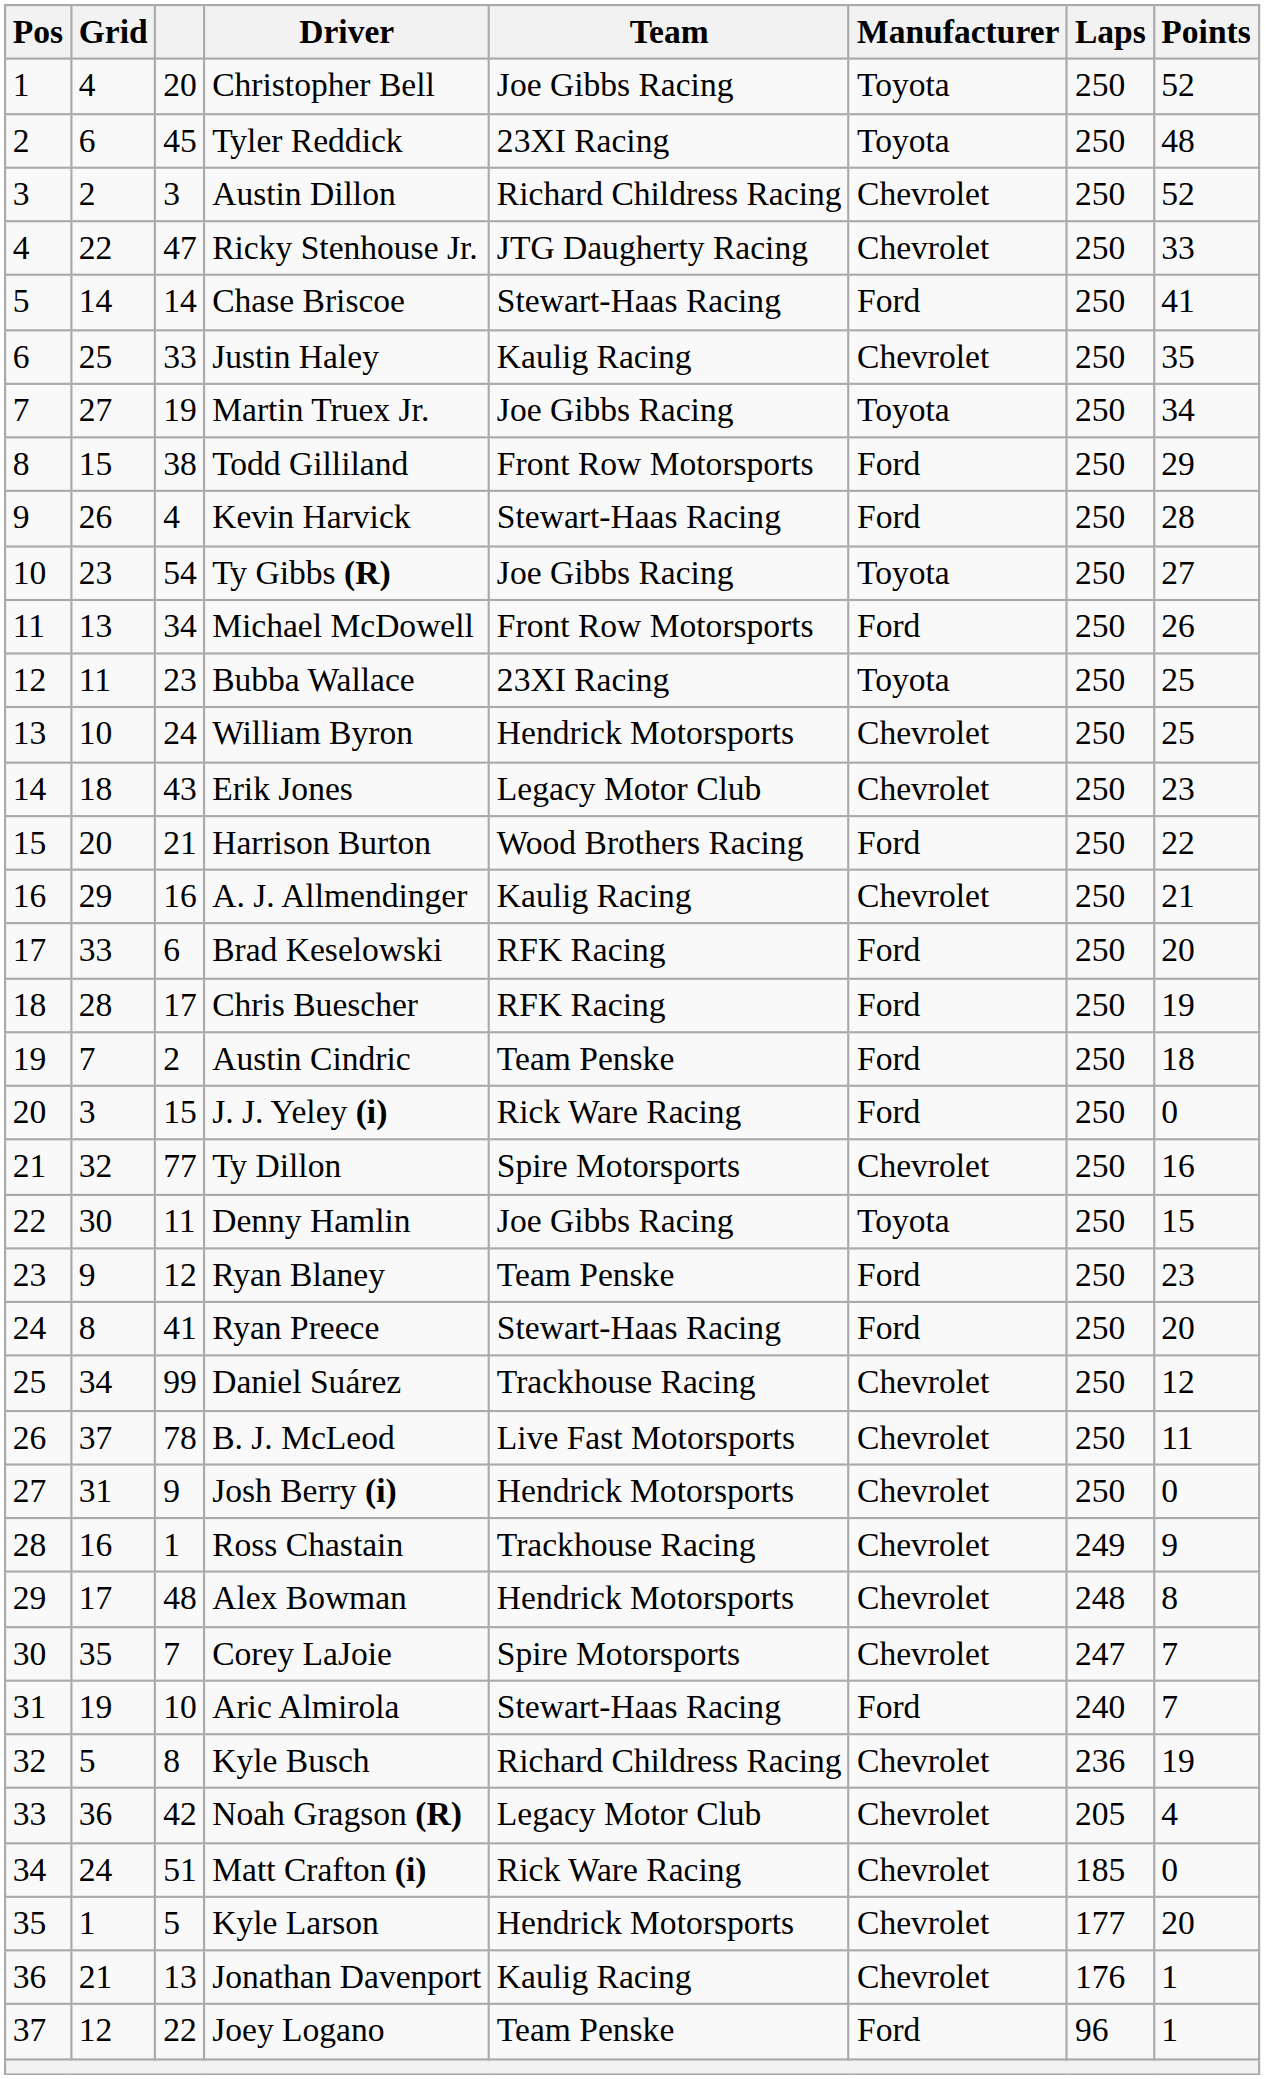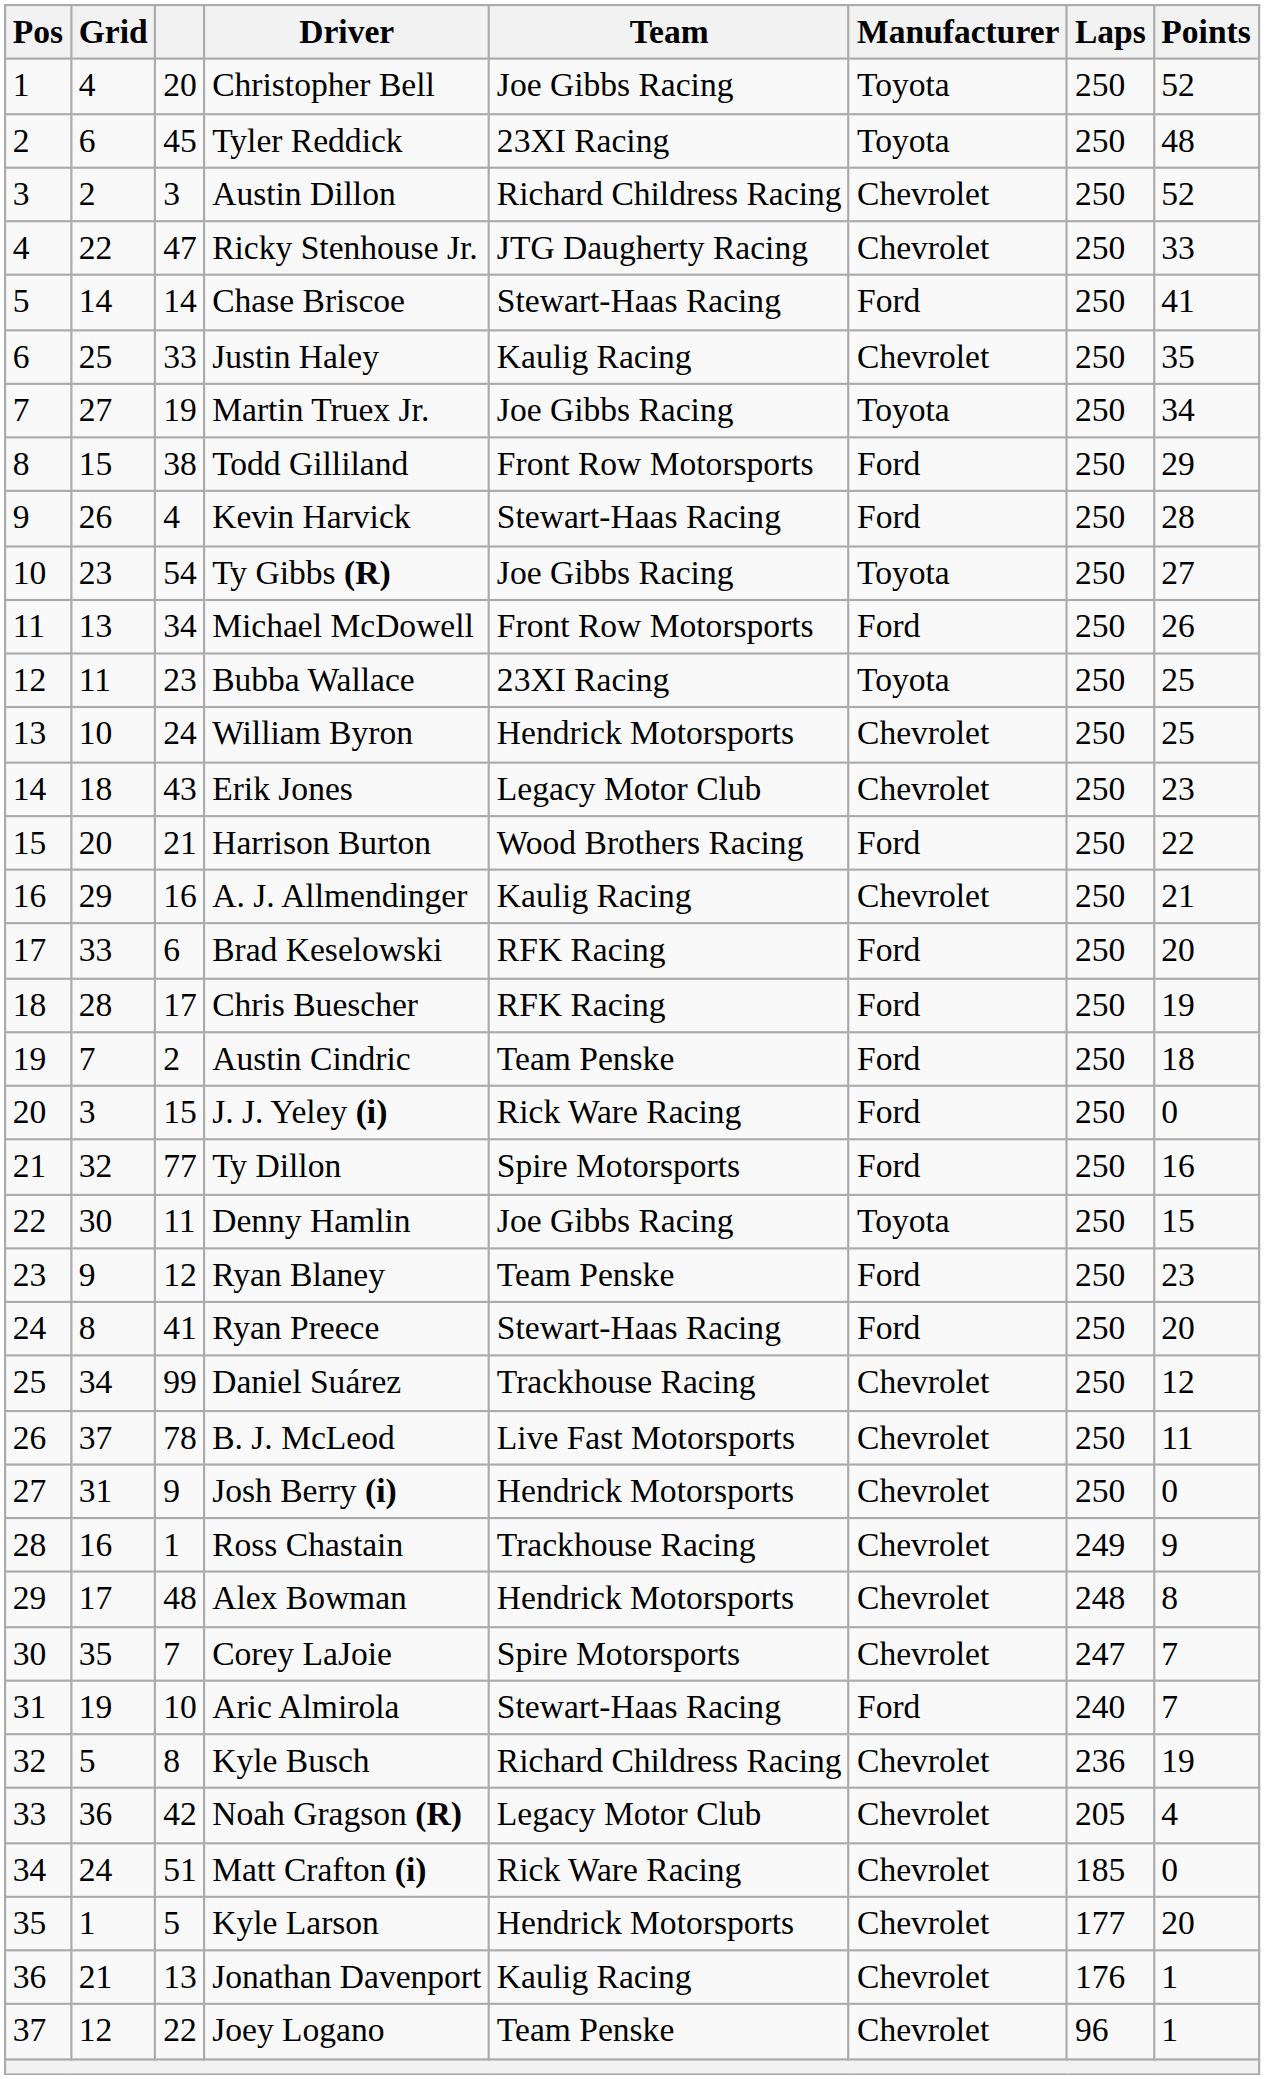 <table class="wikitable" style="font-size:98%">
 <tr>
 <th>Pos</th>
 <th>Grid</th>
 <th></th>
 <th>Driver</th>
 <th>Team</th>
 <th>Manufacturer</th>
 <th>Laps</th>
 <th>Points</th>
 </tr>
 <tr>
 <td>1</td>
 <td>4</td>
 <td>20</td>
 <td>Christopher Bell</td>
 <td>Joe Gibbs Racing</td>
 <td>Toyota</td>
 <td>250</td>
 <td>52</td>
 </tr>
 <tr>
 <td>2</td>
 <td>6</td>
 <td>45</td>
 <td>Tyler Reddick</td>
 <td>23XI Racing</td>
 <td>Toyota</td>
 <td>250</td>
 <td>48</td>
 </tr>
 <tr>
 <td>3</td>
 <td>2</td>
 <td>3</td>
 <td>Austin Dillon</td>
 <td>Richard Childress Racing</td>
 <td>Chevrolet</td>
 <td>250</td>
 <td>52</td>
 </tr>
 <tr>
 <td>4</td>
 <td>22</td>
 <td>47</td>
 <td>Ricky Stenhouse Jr.</td>
 <td>JTG Daugherty Racing</td>
 <td>Chevrolet</td>
 <td>250</td>
 <td>33</td>
 </tr>
 <tr>
 <td>5</td>
 <td>14</td>
 <td>14</td>
 <td>Chase Briscoe</td>
 <td>Stewart-Haas Racing</td>
 <td>Ford</td>
 <td>250</td>
 <td>41</td>
 </tr>
 <tr>
 <td>6</td>
 <td>25</td>
 <td>33</td>
 <td>Justin Haley</td>
 <td>Kaulig Racing</td>
 <td>Chevrolet</td>
 <td>250</td>
 <td>35</td>
 </tr>
 <tr>
 <td>7</td>
 <td>27</td>
 <td>19</td>
 <td>Martin Truex Jr.</td>
 <td>Joe Gibbs Racing</td>
 <td>Toyota</td>
 <td>250</td>
 <td>34</td>
 </tr>
 <tr>
 <td>8</td>
 <td>15</td>
 <td>38</td>
 <td>Todd Gilliland</td>
 <td>Front Row Motorsports</td>
 <td>Ford</td>
 <td>250</td>
 <td>29</td>
 </tr>
 <tr>
 <td>9</td>
 <td>26</td>
 <td>4</td>
 <td>Kevin Harvick</td>
 <td>Stewart-Haas Racing</td>
 <td>Ford</td>
 <td>250</td>
 <td>28</td>
 </tr>
 <tr>
 <td>10</td>
 <td>23</td>
 <td>54</td>
 <td>Ty Gibbs <strong>(R)</strong></td>
 <td>Joe Gibbs Racing</td>
 <td>Toyota</td>
 <td>250</td>
 <td>27</td>
 </tr>
 <tr>
 <td>11</td>
 <td>13</td>
 <td>34</td>
 <td>Michael McDowell</td>
 <td>Front Row Motorsports</td>
 <td>Ford</td>
 <td>250</td>
 <td>26</td>
 </tr>
 <tr>
 <td>12</td>
 <td>11</td>
 <td>23</td>
 <td>Bubba Wallace</td>
 <td>23XI Racing</td>
 <td>Toyota</td>
 <td>250</td>
 <td>25</td>
 </tr>
 <tr>
 <td>13</td>
 <td>10</td>
 <td>24</td>
 <td>William Byron</td>
 <td>Hendrick Motorsports</td>
 <td>Chevrolet</td>
 <td>250</td>
 <td>25</td>
 </tr>
 <tr>
 <td>14</td>
 <td>18</td>
 <td>43</td>
 <td>Erik Jones</td>
 <td>Legacy Motor Club</td>
 <td>Chevrolet</td>
 <td>250</td>
 <td>23</td>
 </tr>
 <tr>
 <td>15</td>
 <td>20</td>
 <td>21</td>
 <td>Harrison Burton</td>
 <td>Wood Brothers Racing</td>
 <td>Ford</td>
 <td>250</td>
 <td>22</td>
 </tr>
 <tr>
 <td>16</td>
 <td>29</td>
 <td>16</td>
 <td>A. J. Allmendinger</td>
 <td>Kaulig Racing</td>
 <td>Chevrolet</td>
 <td>250</td>
 <td>21</td>
 </tr>
 <tr>
 <td>17</td>
 <td>33</td>
 <td>6</td>
 <td>Brad Keselowski</td>
 <td>RFK Racing</td>
 <td>Ford</td>
 <td>250</td>
 <td>20</td>
 </tr>
 <tr>
 <td>18</td>
 <td>28</td>
 <td>17</td>
 <td>Chris Buescher</td>
 <td>RFK Racing</td>
 <td>Ford</td>
 <td>250</td>
 <td>19</td>
 </tr>
 <tr>
 <td>19</td>
 <td>7</td>
 <td>2</td>
 <td>Austin Cindric</td>
 <td>Team Penske</td>
 <td>Ford</td>
 <td>250</td>
 <td>18</td>
 </tr>
 <tr>
 <td>20</td>
 <td>3</td>
 <td>15</td>
 <td>J. J. Yeley <strong>(i)</strong></td>
 <td>Rick Ware Racing</td>
 <td>Ford</td>
 <td>250</td>
 <td>0</td>
 </tr>
 <tr>
 <td>21</td>
 <td>32</td>
 <td>77</td>
 <td>Ty Dillon</td>
 <td>Spire Motorsports</td>
-<td>Chevrolet</td>
+<td>Ford</td>
 <td>250</td>
 <td>16</td>
 </tr>
 <tr>
 <td>22</td>
 <td>30</td>
 <td>11</td>
 <td>Denny Hamlin</td>
 <td>Joe Gibbs Racing</td>
 <td>Toyota</td>
 <td>250</td>
 <td>15</td>
 </tr>
 <tr>
 <td>23</td>
 <td>9</td>
 <td>12</td>
 <td>Ryan Blaney</td>
 <td>Team Penske</td>
 <td>Ford</td>
 <td>250</td>
 <td>23</td>
 </tr>
 <tr>
 <td>24</td>
 <td>8</td>
 <td>41</td>
 <td>Ryan Preece</td>
 <td>Stewart-Haas Racing</td>
 <td>Ford</td>
 <td>250</td>
 <td>20</td>
 </tr>
 <tr>
 <td>25</td>
 <td>34</td>
 <td>99</td>
 <td>Daniel Suárez</td>
 <td>Trackhouse Racing</td>
 <td>Chevrolet</td>
 <td>250</td>
 <td>12</td>
 </tr>
 <tr>
 <td>26</td>
 <td>37</td>
 <td>78</td>
 <td>B. J. McLeod</td>
 <td>Live Fast Motorsports</td>
 <td>Chevrolet</td>
 <td>250</td>
 <td>11</td>
 </tr>
 <tr>
 <td>27</td>
 <td>31</td>
 <td>9</td>
 <td>Josh Berry <strong>(i)</strong></td>
 <td>Hendrick Motorsports</td>
 <td>Chevrolet</td>
 <td>250</td>
 <td>0</td>
 </tr>
 <tr>
 <td>28</td>
 <td>16</td>
 <td>1</td>
 <td>Ross Chastain</td>
 <td>Trackhouse Racing</td>
 <td>Chevrolet</td>
 <td>249</td>
 <td>9</td>
 </tr>
 <tr>
 <td>29</td>
 <td>17</td>
 <td>48</td>
 <td>Alex Bowman</td>
 <td>Hendrick Motorsports</td>
 <td>Chevrolet</td>
 <td>248</td>
 <td>8</td>
 </tr>
 <tr>
 <td>30</td>
 <td>35</td>
 <td>7</td>
 <td>Corey LaJoie</td>
 <td>Spire Motorsports</td>
 <td>Chevrolet</td>
 <td>247</td>
 <td>7</td>
 </tr>
 <tr>
 <td>31</td>
 <td>19</td>
 <td>10</td>
 <td>Aric Almirola</td>
 <td>Stewart-Haas Racing</td>
 <td>Ford</td>
 <td>240</td>
 <td>7</td>
 </tr>
 <tr>
 <td>32</td>
 <td>5</td>
 <td>8</td>
 <td>Kyle Busch</td>
 <td>Richard Childress Racing</td>
 <td>Chevrolet</td>
 <td>236</td>
 <td>19</td>
 </tr>
 <tr>
 <td>33</td>
 <td>36</td>
 <td>42</td>
 <td>Noah Gragson <strong>(R)</strong></td>
 <td>Legacy Motor Club</td>
 <td>Chevrolet</td>
 <td>205</td>
 <td>4</td>
 </tr>
 <tr>
 <td>34</td>
 <td>24</td>
 <td>51</td>
 <td>Matt Crafton <strong>(i)</strong></td>
 <td>Rick Ware Racing</td>
 <td>Chevrolet</td>
 <td>185</td>
 <td>0</td>
 </tr>
 <tr>
 <td>35</td>
 <td>1</td>
 <td>5</td>
 <td>Kyle Larson</td>
 <td>Hendrick Motorsports</td>
 <td>Chevrolet</td>
 <td>177</td>
 <td>20</td>
 </tr>
 <tr>
 <td>36</td>
 <td>21</td>
 <td>13</td>
 <td>Jonathan Davenport</td>
 <td>Kaulig Racing</td>
 <td>Chevrolet</td>
 <td>176</td>
 <td>1</td>
 </tr>
 <tr>
 <td>37</td>
 <td>12</td>
 <td>22</td>
 <td>Joey Logano</td>
 <td>Team Penske</td>
-<td>Ford</td>
+<td>Chevrolet</td>
 <td>96</td>
 <td>1</td>
 </tr>
 <tr>
 <th colspan="8"></th>
 </tr>
 </table>
